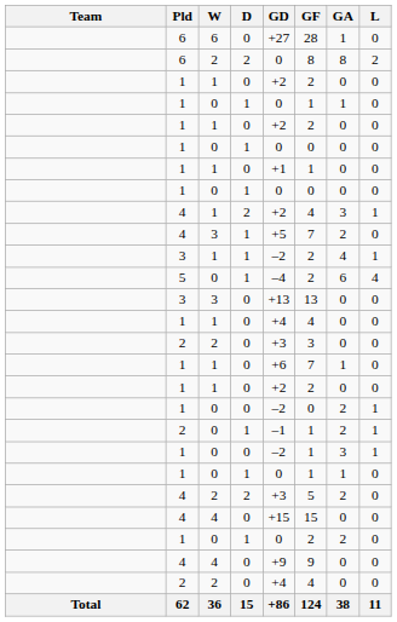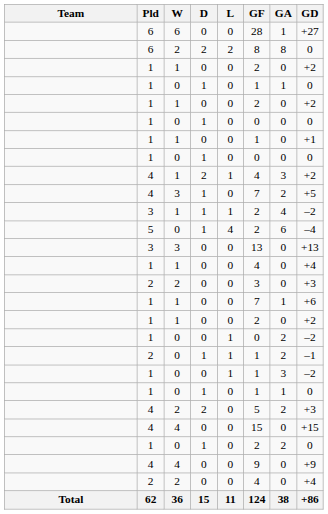 <table class="wikitable sortable" style="text-align: center;">
 <tr>
 <th width=180>Team</th>
 <th width=30>Pld</th>
 <th width=30>W</th>
 <th width=30>D</th>
-<th width=30>GD</th>
+<th width=30>L</th>
 <th width=30>GF</th>
 <th width=30>GA</th>
-<th width=30>L</th>
+<th width=30>GD</th>
 </tr>
 <tr>
 <td align="left"></td>
 <td>6</td>
 <td>6</td>
 <td>0</td>
-<td>+27</td>
+<td>0</td>
 <td>28</td>
 <td>1</td>
-<td>0</td>
+<td>+27</td>
 </tr>
 <tr>
 <td align="left"></td>
 <td>6</td>
 <td>2</td>
 <td>2</td>
-<td>0</td>
+<td>2</td>
 <td>8</td>
 <td>8</td>
-<td>2</td>
+<td>0</td>
 </tr>
 <tr>
 <td align="left"></td>
 <td>1</td>
 <td>1</td>
 <td>0</td>
-<td>+2</td>
+<td>0</td>
 <td>2</td>
 <td>0</td>
-<td>0</td>
+<td>+2</td>
 </tr>
 <tr>
 <td align="left"></td>
 <td>1</td>
 <td>0</td>
 <td>1</td>
 <td>0</td>
 <td>1</td>
 <td>1</td>
 <td>0</td>
 </tr>
 <tr>
 <td align="left"></td>
 <td>1</td>
 <td>1</td>
 <td>0</td>
-<td>+2</td>
+<td>0</td>
 <td>2</td>
 <td>0</td>
-<td>0</td>
+<td>+2</td>
 </tr>
 <tr>
 <td align="left"></td>
 <td>1</td>
 <td>0</td>
 <td>1</td>
 <td>0</td>
 <td>0</td>
 <td>0</td>
 <td>0</td>
 </tr>
 <tr>
 <td align="left"></td>
 <td>1</td>
 <td>1</td>
 <td>0</td>
-<td>+1</td>
+<td>0</td>
 <td>1</td>
 <td>0</td>
-<td>0</td>
+<td>+1</td>
 </tr>
 <tr>
 <td align="left"></td>
 <td>1</td>
 <td>0</td>
 <td>1</td>
 <td>0</td>
 <td>0</td>
 <td>0</td>
 <td>0</td>
 </tr>
 <tr>
 <td align="left"></td>
 <td>4</td>
 <td>1</td>
 <td>2</td>
-<td>+2</td>
+<td>1</td>
 <td>4</td>
 <td>3</td>
-<td>1</td>
+<td>+2</td>
 </tr>
 <tr>
 <td align="left"></td>
 <td>4</td>
 <td>3</td>
 <td>1</td>
-<td>+5</td>
+<td>0</td>
 <td>7</td>
 <td>2</td>
-<td>0</td>
+<td>+5</td>
 </tr>
 <tr>
 <td align="left"></td>
 <td>3</td>
 <td>1</td>
 <td>1</td>
-<td>–2</td>
+<td>1</td>
 <td>2</td>
 <td>4</td>
-<td>1</td>
+<td>–2</td>
 </tr>
 <tr>
 <td align="left"></td>
 <td>5</td>
 <td>0</td>
 <td>1</td>
-<td>–4</td>
+<td>4</td>
 <td>2</td>
 <td>6</td>
-<td>4</td>
+<td>–4</td>
 </tr>
 <tr>
 <td align="left"></td>
 <td>3</td>
 <td>3</td>
 <td>0</td>
-<td>+13</td>
+<td>0</td>
 <td>13</td>
 <td>0</td>
-<td>0</td>
+<td>+13</td>
 </tr>
 <tr>
 <td align="left"></td>
 <td>1</td>
 <td>1</td>
 <td>0</td>
-<td>+4</td>
+<td>0</td>
 <td>4</td>
 <td>0</td>
-<td>0</td>
+<td>+4</td>
 </tr>
 <tr>
 <td align="left"></td>
 <td>2</td>
 <td>2</td>
 <td>0</td>
-<td>+3</td>
+<td>0</td>
 <td>3</td>
 <td>0</td>
-<td>0</td>
+<td>+3</td>
 </tr>
 <tr>
 <td align="left"></td>
 <td>1</td>
 <td>1</td>
 <td>0</td>
-<td>+6</td>
+<td>0</td>
 <td>7</td>
 <td>1</td>
-<td>0</td>
+<td>+6</td>
 </tr>
 <tr>
 <td align="left"></td>
 <td>1</td>
 <td>1</td>
 <td>0</td>
-<td>+2</td>
+<td>0</td>
 <td>2</td>
 <td>0</td>
-<td>0</td>
+<td>+2</td>
 </tr>
 <tr>
 <td align="left"></td>
 <td>1</td>
 <td>0</td>
 <td>0</td>
-<td>–2</td>
+<td>1</td>
 <td>0</td>
 <td>2</td>
-<td>1</td>
+<td>–2</td>
 </tr>
 <tr>
 <td align="left"></td>
 <td>2</td>
 <td>0</td>
 <td>1</td>
-<td>–1</td>
+<td>1</td>
 <td>1</td>
 <td>2</td>
-<td>1</td>
+<td>–1</td>
 </tr>
 <tr>
 <td align="left"></td>
 <td>1</td>
 <td>0</td>
 <td>0</td>
-<td>–2</td>
+<td>1</td>
 <td>1</td>
 <td>3</td>
-<td>1</td>
+<td>–2</td>
 </tr>
 <tr>
 <td align="left"></td>
 <td>1</td>
 <td>0</td>
 <td>1</td>
 <td>0</td>
 <td>1</td>
 <td>1</td>
 <td>0</td>
 </tr>
 <tr>
 <td align="left"></td>
 <td>4</td>
 <td>2</td>
 <td>2</td>
-<td>+3</td>
+<td>0</td>
 <td>5</td>
 <td>2</td>
-<td>0</td>
+<td>+3</td>
 </tr>
 <tr>
 <td align="left"></td>
 <td>4</td>
 <td>4</td>
 <td>0</td>
-<td>+15</td>
+<td>0</td>
 <td>15</td>
 <td>0</td>
-<td>0</td>
+<td>+15</td>
 </tr>
 <tr>
 <td align="left"></td>
 <td>1</td>
 <td>0</td>
 <td>1</td>
 <td>0</td>
 <td>2</td>
 <td>2</td>
 <td>0</td>
 </tr>
 <tr>
 <td align="left"></td>
 <td>4</td>
 <td>4</td>
 <td>0</td>
-<td>+9</td>
+<td>0</td>
 <td>9</td>
 <td>0</td>
-<td>0</td>
+<td>+9</td>
 </tr>
 <tr>
 <td align="left"></td>
 <td>2</td>
 <td>2</td>
 <td>0</td>
-<td>+4</td>
+<td>0</td>
 <td>4</td>
 <td>0</td>
-<td>0</td>
+<td>+4</td>
 </tr>
 <tr>
 <th>Total</th>
 <th>62</th>
 <th>36</th>
 <th>15</th>
-<th>+86</th>
+<th>11</th>
 <th>124</th>
 <th>38</th>
-<th>11</th>
+<th>+86</th>
 </tr>
 </table>
